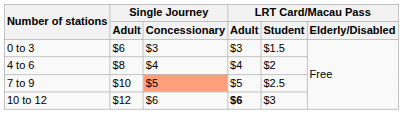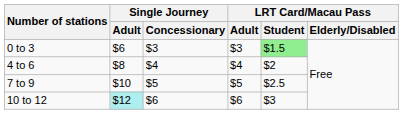 <table class="wikitable">
 <tr>
 <th rowspan="2">Number of stations</th>
 <th colspan="2">Single Journey</th>
 <th colspan="3">LRT Card/Macau Pass</th>
 </tr>
 <tr>
 <th>Adult</th>
 <th>Concessionary</th>
 <th>Adult</th>
 <th>Student</th>
 <th>Elderly/Disabled</th>
 </tr>
 <tr>
 <td>0 to 3</td>
 <td>$6</td>
 <td>$3</td>
 <td>$3</td>
-<td>$1.5</td>
+<td style="background: lightgreen;">$1.5</td>
 <td rowspan="4">Free</td>
 </tr>
 <tr>
 <td>4 to 6</td>
 <td>$8</td>
 <td>$4</td>
 <td>$4</td>
 <td>$2</td>
 </tr>
 <tr>
 <td>7 to 9</td>
 <td>$10</td>
-<td style="background: lightsalmon;">$5</td>
+<td>$5</td>
 <td>$5</td>
 <td>$2.5</td>
 </tr>
 <tr>
 <td>10 to 12</td>
-<td>$12</td>
+<td style="background: paleturquoise;">$12</td>
 <td>$6</td>
-<td><strong>$6</strong></td>
+<td>$6</td>
 <td>$3</td>
 </tr>
 </table>
